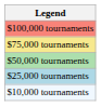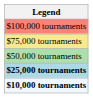 <table class="wikitable" style="font-size:90%;">
 <tr>
 <th>Legend</th>
 </tr>
 <tr bgcolor="#F88379">
 <td>$100,000 tournaments</td>
 </tr>
 <tr bgcolor="#F7E98E">
 <td>$75,000 tournaments</td>
 </tr>
 <tr bgcolor="#ADDFAD">
 <td>$50,000 tournaments</td>
 </tr>
 <tr bgcolor="lightblue">
-<td>$25,000 tournaments</td>
+<td><strong>$25,000 tournaments</strong></td>
 </tr>
 <tr bgcolor="#f0f8ff">
-<td>$10,000 tournaments</td>
+<td><strong>$10,000 tournaments</strong></td>
 </tr>
 </table>
